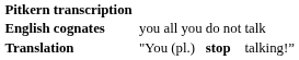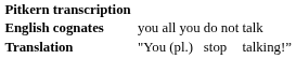 <table>
 <tr>
 <td><strong>Pitkern transcription</strong></td>
 <td></td>
 <td></td>
 <td></td>
 <td></td>
 </tr>
 <tr>
 <td><strong>English cognates</strong></td>
 <td></td>
 <td>you all you</td>
 <td>do not</td>
 <td>talk</td>
 </tr>
 <tr>
 <td><strong>Translation</strong></td>
 <td></td>
 <td>"You (pl.)</td>
-<td><strong>stop</strong></td>
+<td>stop</td>
 <td>talking!”</td>
 </tr>
 </table>
